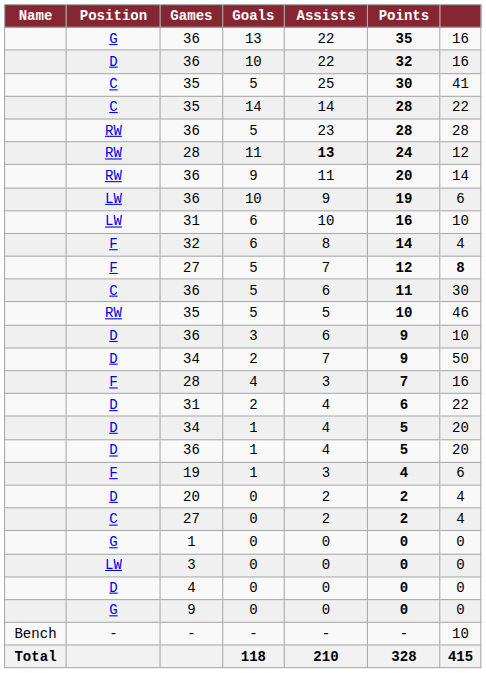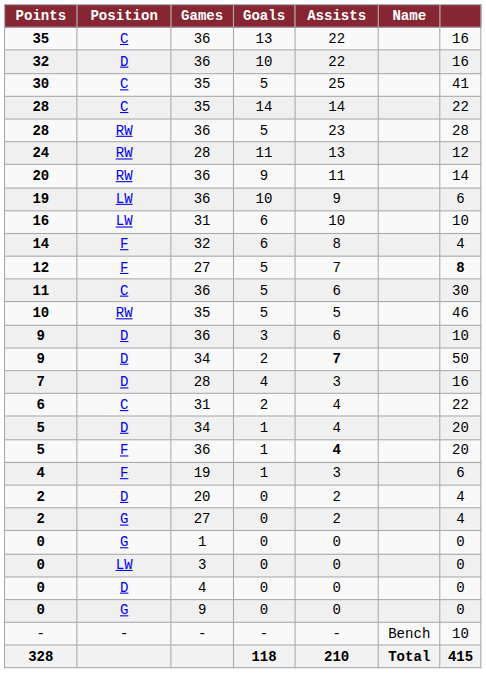 <table class="wikitable sortable" width ="50%">
 <tr align="center">
-<th style="color:white; background:#862633; ">Name</th>
+<th style="color:white; background:#862633; ">Points</th>
 <th style="color:white; background:#862633; ">Position</th>
 <th style="color:white; background:#862633; ">Games</th>
 <th style="color:white; background:#862633; ">Goals</th>
 <th style="color:white; background:#862633; ">Assists</th>
-<th style="color:white; background:#862633; ">Points</th>
+<th style="color:white; background:#862633; ">Name</th>
 <th style="color:white; background:#862633; "><a href='#'></a></th>
 </tr>
 <tr align="center" bgcolor="">
-<td></td>
-<td><a href='#'>G</a></td>
+<td><strong>35</strong></td>
+<td><a href='#'>C</a></td>
 <td>36</td>
 <td>13</td>
 <td>22</td>
-<td><strong>35</strong></td>
+<td></td>
 <td>16</td>
 </tr>
 <tr align="center" bgcolor="f0f0f0">
-<td></td>
+<td><strong>32</strong></td>
 <td><a href='#'>D</a></td>
 <td>36</td>
 <td>10</td>
 <td>22</td>
-<td><strong>32</strong></td>
+<td></td>
 <td>16</td>
 </tr>
 <tr align="center" bgcolor="">
-<td></td>
+<td><strong>30</strong></td>
 <td><a href='#'>C</a></td>
 <td>35</td>
 <td>5</td>
 <td>25</td>
-<td><strong>30</strong></td>
+<td></td>
 <td>41</td>
 </tr>
 <tr align="center" bgcolor="f0f0f0">
-<td></td>
+<td><strong>28</strong></td>
 <td><a href='#'>C</a></td>
 <td>35</td>
 <td>14</td>
 <td>14</td>
-<td><strong>28</strong></td>
+<td></td>
 <td>22</td>
 </tr>
 <tr align="center" bgcolor="">
-<td></td>
+<td><strong>28</strong></td>
 <td><a href='#'>RW</a></td>
 <td>36</td>
 <td>5</td>
 <td>23</td>
-<td><strong>28</strong></td>
+<td></td>
 <td>28</td>
 </tr>
 <tr align="center" bgcolor="f0f0f0">
-<td></td>
+<td><strong>24</strong></td>
 <td><a href='#'>RW</a></td>
 <td>28</td>
 <td>11</td>
-<td><strong>13</strong></td>
-<td><strong>24</strong></td>
+<td>13</td>
+<td></td>
 <td>12</td>
 </tr>
 <tr align="center" bgcolor="">
-<td></td>
+<td><strong>20</strong></td>
 <td><a href='#'>RW</a></td>
 <td>36</td>
 <td>9</td>
 <td>11</td>
-<td><strong>20</strong></td>
+<td></td>
 <td>14</td>
 </tr>
 <tr align="center" bgcolor="f0f0f0">
-<td></td>
+<td><strong>19</strong></td>
 <td><a href='#'>LW</a></td>
 <td>36</td>
 <td>10</td>
 <td>9</td>
-<td><strong>19</strong></td>
+<td></td>
 <td>6</td>
 </tr>
 <tr align="center" bgcolor="">
-<td></td>
+<td><strong>16</strong></td>
 <td><a href='#'>LW</a></td>
 <td>31</td>
 <td>6</td>
 <td>10</td>
-<td><strong>16</strong></td>
+<td></td>
 <td>10</td>
 </tr>
 <tr align="center" bgcolor="f0f0f0">
-<td></td>
+<td><strong>14</strong></td>
 <td><a href='#'>F</a></td>
 <td>32</td>
 <td>6</td>
 <td>8</td>
-<td><strong>14</strong></td>
+<td></td>
 <td>4</td>
 </tr>
 <tr align="center" bgcolor="">
-<td></td>
+<td><strong>12</strong></td>
 <td><a href='#'>F</a></td>
 <td>27</td>
 <td>5</td>
 <td>7</td>
-<td><strong>12</strong></td>
+<td></td>
 <td><strong>8</strong></td>
 </tr>
 <tr align="center" bgcolor="f0f0f0">
-<td></td>
+<td><strong>11</strong></td>
 <td><a href='#'>C</a></td>
 <td>36</td>
 <td>5</td>
 <td>6</td>
-<td><strong>11</strong></td>
+<td></td>
 <td>30</td>
 </tr>
 <tr align="center" bgcolor="">
-<td></td>
+<td><strong>10</strong></td>
 <td><a href='#'>RW</a></td>
 <td>35</td>
 <td>5</td>
 <td>5</td>
-<td><strong>10</strong></td>
+<td></td>
 <td>46</td>
 </tr>
 <tr align="center" bgcolor="f0f0f0">
-<td></td>
+<td><strong>9</strong></td>
 <td><a href='#'>D</a></td>
 <td>36</td>
 <td>3</td>
 <td>6</td>
-<td><strong>9</strong></td>
+<td></td>
 <td>10</td>
 </tr>
 <tr align="center" bgcolor="">
-<td></td>
+<td><strong>9</strong></td>
 <td><a href='#'>D</a></td>
 <td>34</td>
 <td>2</td>
-<td>7</td>
-<td><strong>9</strong></td>
+<td><strong>7</strong></td>
+<td></td>
 <td>50</td>
 </tr>
 <tr align="center" bgcolor="f0f0f0">
-<td></td>
-<td><a href='#'>F</a></td>
+<td><strong>7</strong></td>
+<td><a href='#'>D</a></td>
 <td>28</td>
 <td>4</td>
 <td>3</td>
-<td><strong>7</strong></td>
+<td></td>
 <td>16</td>
 </tr>
 <tr align="center" bgcolor="">
-<td></td>
-<td><a href='#'>D</a></td>
+<td><strong>6</strong></td>
+<td><a href='#'>C</a></td>
 <td>31</td>
 <td>2</td>
 <td>4</td>
-<td><strong>6</strong></td>
+<td></td>
 <td>22</td>
 </tr>
 <tr align="center" bgcolor="f0f0f0">
-<td></td>
+<td><strong>5</strong></td>
 <td><a href='#'>D</a></td>
 <td>34</td>
 <td>1</td>
 <td>4</td>
-<td><strong>5</strong></td>
+<td></td>
 <td>20</td>
 </tr>
 <tr align="center" bgcolor="">
-<td></td>
-<td><a href='#'>D</a></td>
+<td><strong>5</strong></td>
+<td><a href='#'>F</a></td>
 <td>36</td>
 <td>1</td>
-<td>4</td>
-<td><strong>5</strong></td>
+<td><strong>4</strong></td>
+<td></td>
 <td>20</td>
 </tr>
 <tr align="center" bgcolor="f0f0f0">
-<td></td>
+<td><strong>4</strong></td>
 <td><a href='#'>F</a></td>
 <td>19</td>
 <td>1</td>
 <td>3</td>
-<td><strong>4</strong></td>
+<td></td>
 <td>6</td>
 </tr>
 <tr align="center" bgcolor="">
-<td></td>
+<td><strong>2</strong></td>
 <td><a href='#'>D</a></td>
 <td>20</td>
 <td>0</td>
 <td>2</td>
-<td><strong>2</strong></td>
+<td></td>
 <td>4</td>
 </tr>
 <tr align="center" bgcolor="f0f0f0">
-<td></td>
-<td><a href='#'>C</a></td>
+<td><strong>2</strong></td>
+<td><a href='#'>G</a></td>
 <td>27</td>
 <td>0</td>
 <td>2</td>
-<td><strong>2</strong></td>
+<td></td>
 <td>4</td>
 </tr>
 <tr align="center" bgcolor="">
-<td></td>
+<td><strong>0</strong></td>
 <td><a href='#'>G</a></td>
 <td>1</td>
 <td>0</td>
 <td>0</td>
-<td><strong>0</strong></td>
+<td></td>
 <td>0</td>
 </tr>
 <tr align="center" bgcolor="f0f0f0">
-<td></td>
+<td><strong>0</strong></td>
 <td><a href='#'>LW</a></td>
 <td>3</td>
 <td>0</td>
 <td>0</td>
-<td><strong>0</strong></td>
+<td></td>
 <td>0</td>
 </tr>
 <tr align="center" bgcolor="">
-<td></td>
+<td><strong>0</strong></td>
 <td><a href='#'>D</a></td>
 <td>4</td>
 <td>0</td>
 <td>0</td>
-<td><strong>0</strong></td>
+<td></td>
 <td>0</td>
 </tr>
 <tr align="center" bgcolor="f0f0f0">
-<td></td>
+<td><strong>0</strong></td>
 <td><a href='#'>G</a></td>
 <td>9</td>
 <td>0</td>
 <td>0</td>
-<td><strong>0</strong></td>
+<td></td>
 <td>0</td>
 </tr>
 <tr align="center" bgcolor="">
-<td>Bench</td>
 <td>-</td>
 <td>-</td>
 <td>-</td>
 <td>-</td>
 <td>-</td>
+<td>Bench</td>
 <td>10</td>
 </tr>
 <tr>
-<th>Total</th>
+<th>328</th>
 <th></th>
 <th></th>
 <th>118</th>
 <th>210</th>
-<th>328</th>
+<th>Total</th>
 <th>415</th>
 </tr>
 </table>
